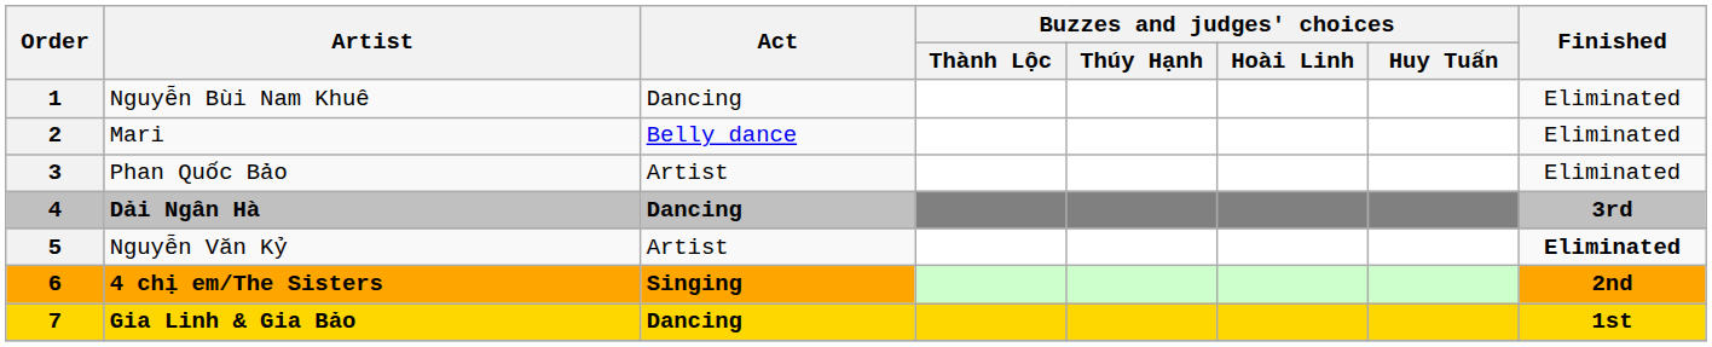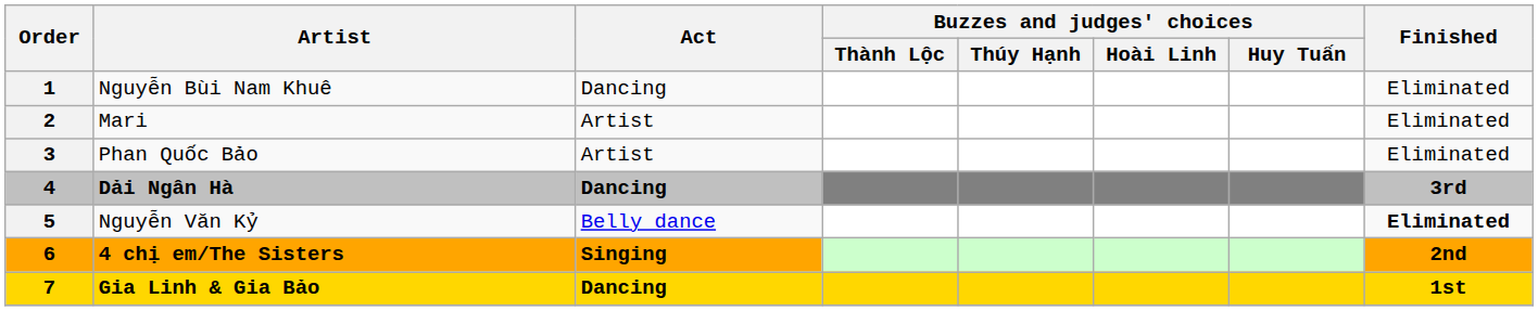 <table class=wikitable>
 <tr>
 <th rowspan=2 width=50>Order</th>
 <th rowspan=2 width=300>Artist</th>
 <th rowspan=2 width=150>Act</th>
 <th colspan=4 width=240>Buzzes and judges' choices</th>
 <th rowspan=2 width=100>Finished</th>
 </tr>
 <tr>
 <th width=80>Thành Lộc</th>
 <th width=80>Thúy Hạnh</th>
 <th width="80">Hoài Linh</th>
 <th width=80>Huy Tuấn</th>
 </tr>
 <tr>
 <th>1</th>
 <td>Nguyễn Bùi Nam Khuê</td>
 <td>Dancing</td>
 <td align=center bgcolor=white></td>
 <td align=center bgcolor=white></td>
 <td align=center bgcolor=white></td>
 <td align=center bgcolor=white></td>
 <td align=center>Eliminated</td>
 </tr>
 <tr>
 <th>2</th>
 <td>Mari</td>
-<td><a href='#'>Belly dance</a></td>
+<td>Artist</td>
 <td align=center bgcolor=white></td>
 <td align=center bgcolor=white></td>
 <td align=center bgcolor=white></td>
 <td align=center bgcolor=white></td>
 <td align=center>Eliminated</td>
 </tr>
 <tr>
 <th>3</th>
 <td>Phan Quốc Bảo</td>
 <td>Artist</td>
 <td align=center bgcolor=white></td>
 <td align=center bgcolor=white></td>
 <td align=center bgcolor=white></td>
 <td align=center bgcolor=white></td>
 <td align=center>Eliminated</td>
 </tr>
 <tr>
 <td align=center bgcolor=silver><strong>4</strong></td>
 <td bgcolor=silver><strong>Dải Ngân Hà</strong></td>
 <td bgcolor=silver><strong>Dancing</strong></td>
 <td align=center bgcolor=gray></td>
 <td align=center bgcolor=gray></td>
 <td align=center bgcolor=gray></td>
 <td align=center bgcolor=gray></td>
 <td align=center bgcolor=silver><strong>3rd</strong></td>
 </tr>
 <tr>
 <th>5</th>
 <td>Nguyễn Văn Kỷ</td>
-<td>Artist</td>
+<td><a href='#'>Belly dance</a></td>
 <td align=center bgcolor=white></td>
 <td align=center bgcolor=white></td>
 <td align=center bgcolor=white></td>
 <td align=center bgcolor=white></td>
 <td align=center><strong>Eliminated</strong></td>
 </tr>
 <tr>
 <td align=center bgcolor=orange><strong>6</strong></td>
 <td bgcolor=orange><strong>4 chị em/The Sisters</strong></td>
 <td bgcolor=orange><strong>Singing</strong></td>
 <td align=center bgcolor="#cfc"></td>
 <td align=center bgcolor="#cfc"></td>
 <td align=center bgcolor="#cfc"></td>
 <td align=center bgcolor="#cfc"></td>
 <td align=center bgcolor=orange><strong>2nd</strong></td>
 </tr>
 <tr>
 <td align=center bgcolor=gold><strong>7</strong></td>
 <td bgcolor=gold><strong>Gia Linh & Gia Bảo</strong></td>
 <td bgcolor=gold><strong>Dancing</strong></td>
 <td align=center bgcolor=gold></td>
 <td align=center bgcolor=gold></td>
 <td align=center bgcolor=gold></td>
 <td align=center bgcolor=gold></td>
 <td align=center bgcolor=gold><strong>1st</strong></td>
 </tr>
 <tr>
 </tr>
 </table>
